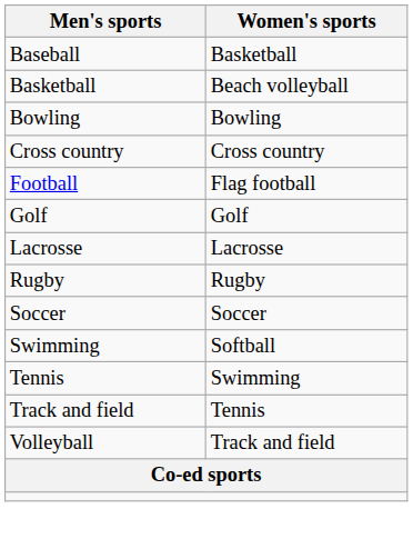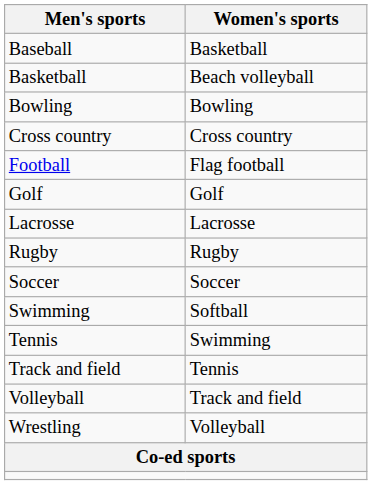 <table class="wikitable"; style= "text-align: ">
 <tr>
 <th width=150px>Men's sports</th>
 <th width=150px>Women's sports</th>
 </tr>
 <tr>
 <td>Baseball</td>
 <td>Basketball</td>
 </tr>
 <tr>
 <td>Basketball</td>
 <td>Beach volleyball</td>
 </tr>
 <tr>
 <td>Bowling</td>
 <td>Bowling</td>
 </tr>
 <tr>
 <td>Cross country</td>
 <td>Cross country</td>
 </tr>
 <tr>
 <td><a href='#'>Football</a></td>
 <td>Flag football</td>
 </tr>
 <tr>
 <td>Golf</td>
 <td>Golf</td>
 </tr>
 <tr>
 <td>Lacrosse</td>
 <td>Lacrosse</td>
 </tr>
 <tr>
 <td>Rugby</td>
 <td>Rugby</td>
 </tr>
 <tr>
 <td>Soccer</td>
 <td>Soccer</td>
 </tr>
 <tr>
 <td>Swimming</td>
 <td>Softball</td>
 </tr>
 <tr>
 <td>Tennis</td>
 <td>Swimming</td>
 </tr>
 <tr>
 <td>Track and field</td>
 <td>Tennis</td>
 </tr>
 <tr>
 <td>Volleyball</td>
 <td>Track and field</td>
 </tr>
 <tr>
+<td>Wrestling</td>
+<td>Volleyball</td>
+</tr>
+<tr>
 <th colspan=2>Co-ed sports</th>
 </tr>
 <tr>
 <td colspan=2></td>
 </tr>
 </table>
